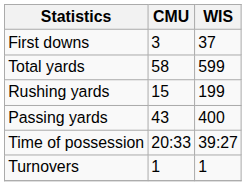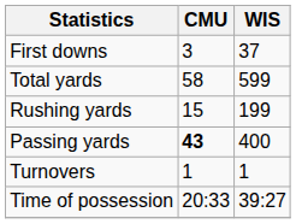 <table class="wikitable">
 <tr>
 <th>Statistics</th>
 <th>CMU</th>
 <th>WIS</th>
 </tr>
 <tr>
 <td>First downs</td>
 <td>3</td>
 <td>37</td>
 </tr>
 <tr>
 <td>Total yards</td>
 <td>58</td>
 <td>599</td>
 </tr>
 <tr>
 <td>Rushing yards</td>
 <td>15</td>
 <td>199</td>
 </tr>
 <tr>
 <td>Passing yards</td>
-<td>43</td>
+<td><strong>43</strong></td>
 <td>400</td>
+</tr>
+<tr>
+<td>Turnovers</td>
+<td>1</td>
+<td>1</td>
 </tr>
 <tr>
 <td>Time of possession</td>
 <td>20:33</td>
 <td>39:27</td>
 </tr>
 <tr>
-<td>Turnovers</td>
-<td>1</td>
-<td>1</td>
-</tr>
-<tr>
 </tr>
 </table>
